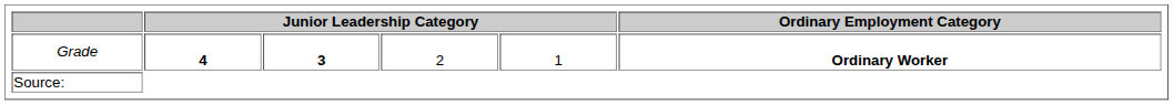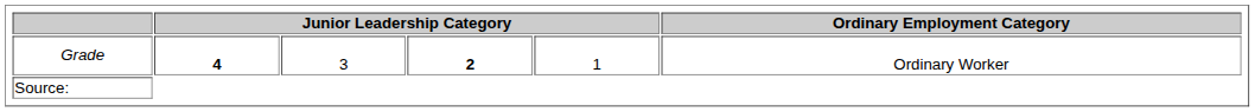 <table border="1px solid #8888aa" style="width:100%; background:#fff; padding:5px; font-size:10">
 <tr style="background:#ccc;">
 <th></th>
 <th colspan="4">Junior Leadership Category</th>
 <th colspan="1">Ordinary Employment Category</th>
 </tr>
 <tr style="text-align:center;">
 <td><em>Grade</em></td>
 <td><strong><br>4</strong></td>
-<td><strong><br>3</strong></td>
-<td><br>2</td>
+<td><br>3</td>
+<td><strong><br>2</strong></td>
 <td><br>1</td>
-<td><strong><br>Ordinary Worker</strong></td>
+<td><br>Ordinary Worker</td>
 </tr>
 <tr>
 <td>Source:</td>
 </tr>
 </table>
